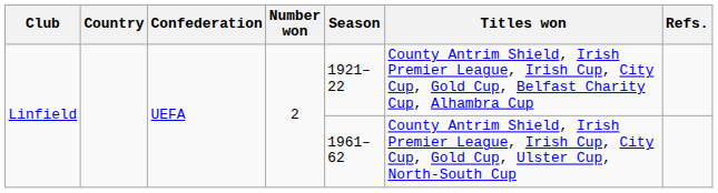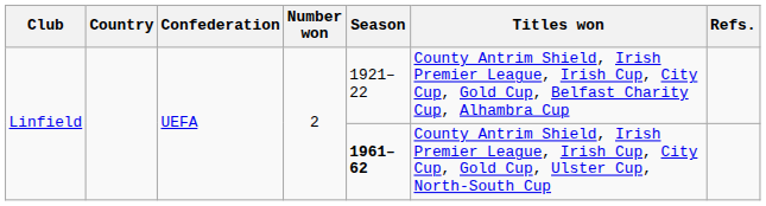 <table class="wikitable sortable" style="font-size:95%; text-align:left;">
 <tr>
 <th>Club</th>
 <th>Country</th>
 <th>Confederation</th>
 <th>Number<br>won</th>
 <th>Season</th>
 <th>Titles won</th>
 <th>Refs.</th>
 </tr>
 <tr>
 <td rowspan="2"><a href='#'>Linfield</a></td>
 <td rowspan="2"></td>
 <td rowspan="2"><a href='#'>UEFA</a></td>
 <td rowspan="2" style="text-align:center">2</td>
 <td>1921–22</td>
 <td><a href='#'>County Antrim Shield</a>, <a href='#'>Irish Premier League</a>, <a href='#'>Irish Cup</a>, <a href='#'>City Cup</a>, <a href='#'>Gold Cup</a>, <a href='#'>Belfast Charity Cup</a>, <a href='#'>Alhambra Cup</a></td>
 <td></td>
 </tr>
 <tr>
-<td>1961–62</td>
+<td><strong>1961–62</strong></td>
 <td><a href='#'>County Antrim Shield</a>, <a href='#'>Irish Premier League</a>, <a href='#'>Irish Cup</a>, <a href='#'>City Cup</a>, <a href='#'>Gold Cup</a>, <a href='#'>Ulster Cup</a>, <a href='#'>North-South Cup</a></td>
 <td></td>
 </tr>
 </table>
